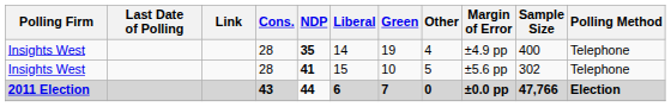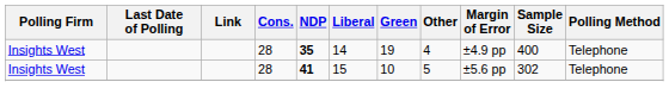 <table class="wikitable sortable">
 <tr style="background:#e9e9e9;">
 <th style="width:120px">Polling Firm</th>
 <th style="width:110px">Last Date<br>of Polling</th>
 <th style="width:60px" class="unsortable">Link</th>
 <th style="background-color:"><strong><a href='#'>Cons.</a></strong></th>
 <th style="background-color:"><strong><a href='#'>NDP</a></strong></th>
 <th style="background-color:"><strong><a href='#'>Liberal</a></strong></th>
 <th style="background-color:"><strong><a href='#'>Green</a></strong></th>
 <th style="background-color:"><strong>Other</strong></th>
 <th style="width:60px;" class=unsortable>Margin<br>of Error</th>
 <th style="width:50px;" class=unsortable>Sample<br>Size</th>
 <th class=unsortable>Polling Method</th>
 </tr>
 <tr>
 <td><a href='#'>Insights West</a></td>
 <td></td>
 <td></td>
 <td>28</td>
 <td><strong>35</strong></td>
 <td>14</td>
 <td>19</td>
 <td>4</td>
 <td>±4.9 pp</td>
 <td>400</td>
 <td>Telephone</td>
 </tr>
 <tr>
 <td><a href='#'>Insights West</a></td>
 <td></td>
 <td></td>
 <td>28</td>
 <td><strong>41</strong></td>
 <td>15</td>
 <td>10</td>
 <td>5</td>
 <td>±5.6 pp</td>
 <td>302</td>
 <td>Telephone</td>
 </tr>
 <tr>
-<td style="background:#D5D5D5"><strong><a href='#'>2011 Election</a></strong></td>
-<td style="background:#D5D5D5"><strong></strong></td>
-<td style="background:#D5D5D5"></td>
-<td style="background:#D5D5D5"><strong>43</strong></td>
-<td><strong>44</strong></td>
-<td style="background:#D5D5D5"><strong>6</strong></td>
-<td style="background:#D5D5D5"><strong>7</strong></td>
-<td style="background:#D5D5D5"><strong>0</strong></td>
-<td style="background:#D5D5D5"><strong>±0.0 pp</strong></td>
-<td style="background:#D5D5D5"><strong>47,766</strong></td>
-<td style="background:#D5D5D5"><strong>Election</strong></td>
-</tr>
-<tr>
 </tr>
 <tr>
 </tr>
 </table>
